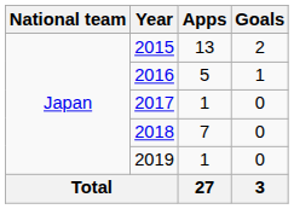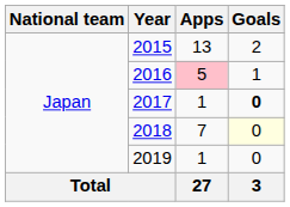 <table class="wikitable" style="text-align:center">
 <tr>
 <th>National team</th>
 <th>Year</th>
 <th>Apps</th>
 <th>Goals</th>
 </tr>
 <tr>
 <td rowspan="5"><a href='#'>Japan</a></td>
 <td><a href='#'>2015</a></td>
 <td>13</td>
 <td>2</td>
 </tr>
 <tr>
 <td><a href='#'>2016</a></td>
-<td>5</td>
+<td style="background: pink;">5</td>
 <td>1</td>
 </tr>
 <tr>
 <td><a href='#'>2017</a></td>
 <td>1</td>
-<td>0</td>
+<td><strong>0</strong></td>
 </tr>
 <tr>
 <td><a href='#'>2018</a></td>
 <td>7</td>
-<td>0</td>
+<td style="background: lightyellow;">0</td>
 </tr>
 <tr>
 <td>2019</td>
 <td>1</td>
 <td>0</td>
 </tr>
 <tr>
 <th colspan="2">Total</th>
 <th>27</th>
 <th>3</th>
 </tr>
 </table>
